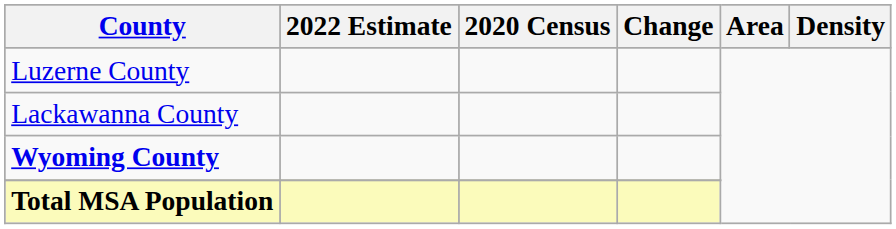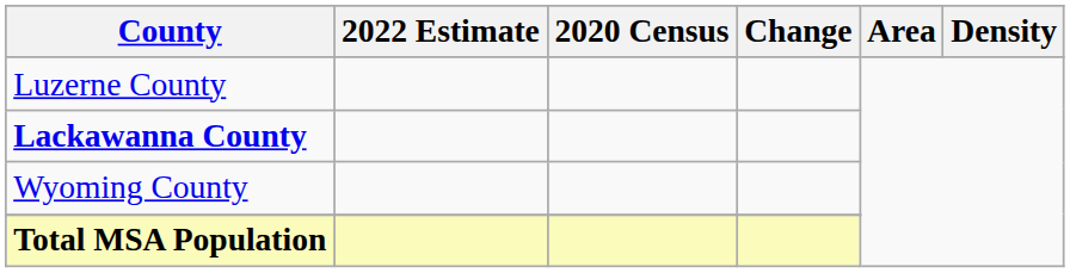 <table class="wikitable sortable">
 <tr>
 <th><a href='#'>County</a></th>
 <th>2022 Estimate</th>
 <th>2020 Census</th>
 <th>Change</th>
 <th>Area</th>
 <th>Density</th>
 </tr>
 <tr>
 <td><a href='#'>Luzerne County</a></td>
 <td></td>
 <td></td>
 <td></td>
 </tr>
 <tr>
-<td><a href='#'>Lackawanna County</a></td>
+<td><strong><a href='#'>Lackawanna County</a></strong></td>
 <td></td>
 <td></td>
 <td></td>
 </tr>
 <tr>
-<td><strong><a href='#'>Wyoming County</a></strong></td>
+<td><a href='#'>Wyoming County</a></td>
 <td></td>
 <td></td>
 <td></td>
 </tr>
 <tr>
 </tr>
 <tr class=sortbottom style="background:#fbfbbb">
 <td><strong>Total MSA Population</strong></td>
 <td></td>
 <td></td>
 <td></td>
 </tr>
 </table>
